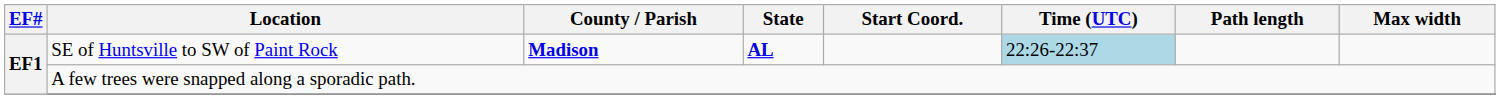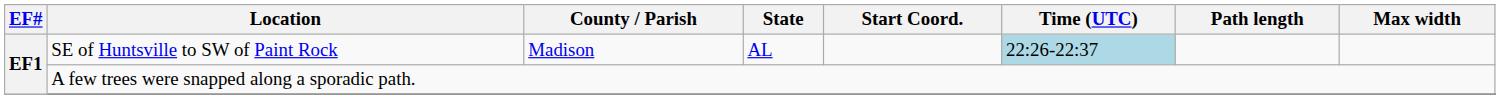 <table class="wikitable sortable" style="width:100%;">
 <tr>
 <th scope="col" width="2%" align="center"><a href='#'>EF#</a></th>
 <th scope="col" align="center" class="unsortable">Location</th>
 <th scope="col" align="center" class="unsortable">County / Parish</th>
 <th scope="col" align="center">State</th>
 <th scope="col" align="center">Start Coord.</th>
 <th scope="col" align="center">Time (<a href='#'>UTC</a>)</th>
 <th scope="col" align="center">Path length</th>
 <th scope="col" align="center">Max width</th>
 </tr>
 <tr>
 <th scope="row" rowspan="2" style="background-color:#">EF1</th>
 <td>SE of <a href='#'>Huntsville</a> to SW of <a href='#'>Paint Rock</a></td>
-<td><strong><a href='#'>Madison</a></strong></td>
-<td><strong><a href='#'>AL</a></strong></td>
+<td><a href='#'>Madison</a></td>
+<td><a href='#'>AL</a></td>
 <td></td>
 <td style="background: lightblue;">22:26-22:37</td>
 <td></td>
 <td></td>
 </tr>
 <tr class="expand-child">
 <td colspan="8" style=" border-bottom: 1px solid black;">A few trees were snapped along a sporadic path.</td>
 </tr>
 <tr>
 </tr>
 </table>
